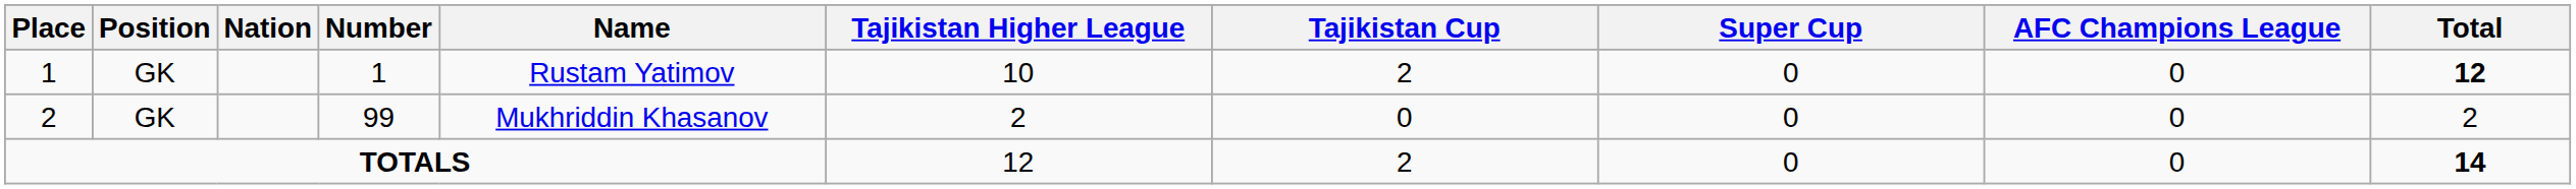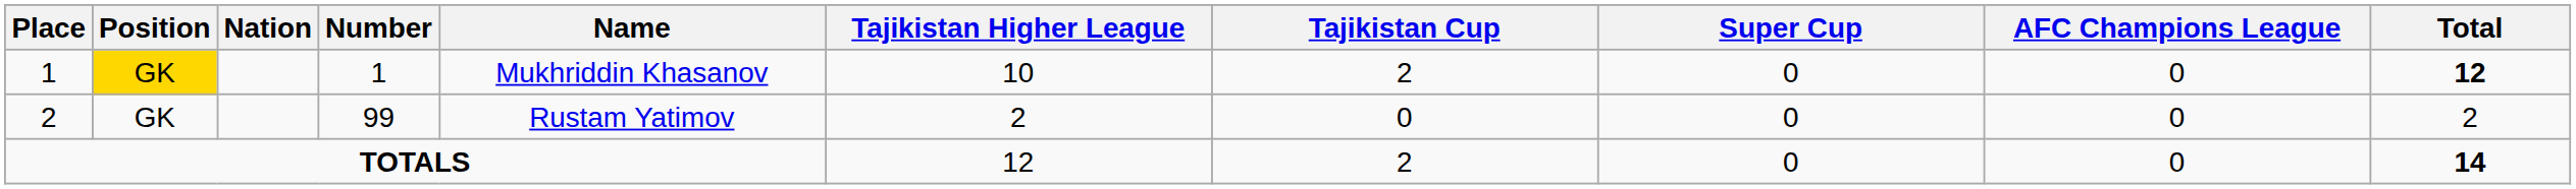 <table class="wikitable" style="font-size: 95%; text-align: center;">
 <tr>
 <th width=20>Place</th>
 <th width=20>Position</th>
 <th width=20>Nation</th>
 <th width=20>Number</th>
 <th width=200>Name</th>
 <th width=200><a href='#'>Tajikistan Higher League</a></th>
 <th width=200><a href='#'>Tajikistan Cup</a></th>
 <th width=200><a href='#'>Super Cup</a></th>
 <th width=200><a href='#'>AFC Champions League</a></th>
 <th width=100><strong>Total</strong></th>
 </tr>
 <tr>
 <td>1</td>
-<td>GK</td>
+<td style="background: gold;">GK</td>
 <td></td>
 <td>1</td>
-<td><a href='#'>Rustam Yatimov</a></td>
+<td><a href='#'>Mukhriddin Khasanov</a></td>
 <td>10</td>
 <td>2</td>
 <td>0</td>
 <td>0</td>
 <td><strong>12</strong></td>
 </tr>
 <tr>
 <td>2</td>
 <td>GK</td>
 <td></td>
 <td>99</td>
-<td><a href='#'>Mukhriddin Khasanov</a></td>
+<td><a href='#'>Rustam Yatimov</a></td>
 <td>2</td>
 <td>0</td>
 <td>0</td>
 <td>0</td>
 <td>2</td>
 </tr>
 <tr>
 <td colspan="5"><strong>TOTALS</strong></td>
 <td>12</td>
 <td>2</td>
 <td>0</td>
 <td>0</td>
 <td><strong>14</strong></td>
 </tr>
 </table>
